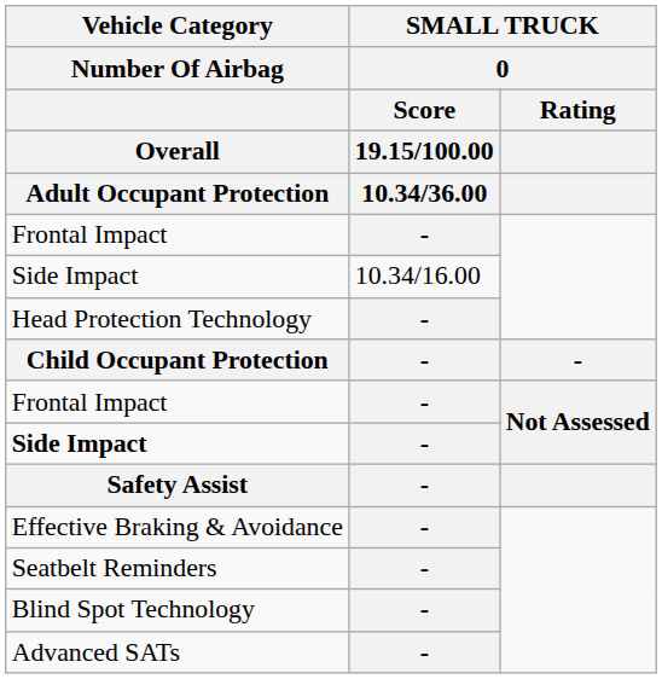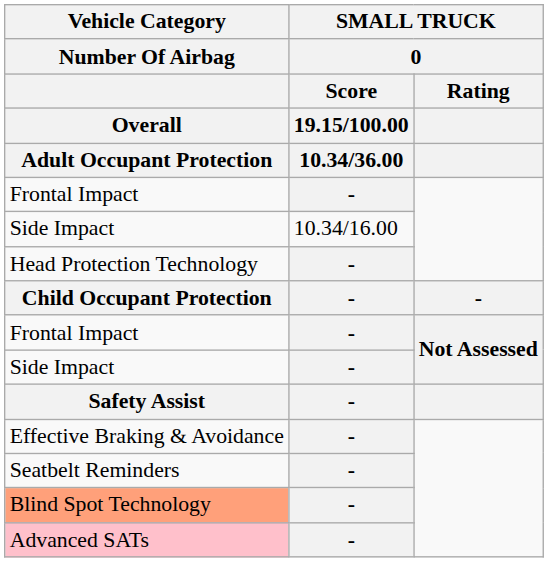 <table class="wikitable">
 <tr>
 <th>Vehicle Category</th>
 <th colspan="2">SMALL TRUCK</th>
 </tr>
 <tr>
 <th>Number Of Airbag</th>
 <th colspan="2">0</th>
 </tr>
 <tr>
 <th></th>
 <th>Score</th>
 <th>Rating</th>
 </tr>
 <tr>
 <th>Overall</th>
 <th>19.15/100.00</th>
 <th></th>
 </tr>
 <tr>
 <th>Adult Occupant Protection</th>
 <th>10.34/36.00</th>
 <th></th>
 </tr>
 <tr>
 <td>Frontal Impact</td>
 <th>-</th>
 <td rowspan="3"></td>
 </tr>
 <tr>
 <td>Side Impact</td>
 <td>10.34/16.00</td>
 </tr>
 <tr>
 <td>Head Protection Technology</td>
 <th>-</th>
 </tr>
 <tr>
 <th>Child Occupant Protection</th>
 <th>-</th>
 <th>-</th>
 </tr>
 <tr>
 <td>Frontal Impact</td>
 <th>-</th>
 <th rowspan="2">Not Assessed</th>
 </tr>
 <tr>
-<td><strong>Side Impact</strong></td>
+<td>Side Impact</td>
 <th>-</th>
 </tr>
 <tr>
 <th>Safety Assist</th>
 <th>-</th>
 <th></th>
 </tr>
 <tr>
 <td>Effective Braking & Avoidance</td>
 <th>-</th>
 <td rowspan="4"></td>
 </tr>
 <tr>
 <td>Seatbelt Reminders</td>
 <th>-</th>
 </tr>
 <tr>
-<td>Blind Spot Technology</td>
+<td style="background: lightsalmon;">Blind Spot Technology</td>
 <th>-</th>
 </tr>
 <tr>
-<td>Advanced SATs</td>
+<td style="background: pink;">Advanced SATs</td>
 <th>-</th>
 </tr>
 </table>
